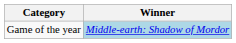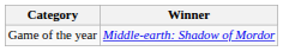 <table class="wikitable">
 <tr>
 <th>Category</th>
 <th>Winner</th>
 </tr>
 <tr>
 <td>Game of the year</td>
-<td style="background: lightblue;"><em><a href='#'>Middle-earth: Shadow of Mordor</a></em></td>
+<td><em><a href='#'>Middle-earth: Shadow of Mordor</a></em></td>
 </tr>
 </table>
